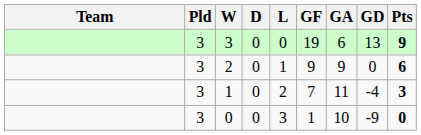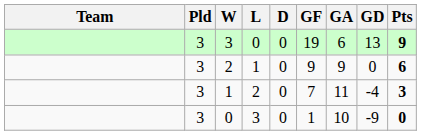 <table class="wikitable" style="text-align: center;">
 <tr>
 <th width="175">Team</th>
 <th width="20">Pld</th>
 <th width="20">W</th>
+<th width="20">L</th>
 <th width="20">D</th>
-<th width="20">L</th>
 <th width="20">GF</th>
 <th width="20">GA</th>
 <th width="20">GD</th>
 <th width="20">Pts</th>
 </tr>
 <tr bgcolor="#ccffcc">
 <td style="text-align:left;"></td>
 <td>3</td>
 <td>3</td>
 <td>0</td>
 <td>0</td>
 <td>19</td>
 <td>6</td>
 <td>13</td>
 <td><strong>9</strong></td>
 </tr>
 <tr align=center>
 <td style="text-align:left;"></td>
 <td>3</td>
 <td>2</td>
+<td>1</td>
 <td>0</td>
-<td>1</td>
 <td>9</td>
 <td>9</td>
 <td>0</td>
 <td><strong>6</strong></td>
 </tr>
 <tr align=center>
 <td style="text-align:left;"></td>
 <td>3</td>
 <td>1</td>
+<td>2</td>
 <td>0</td>
-<td>2</td>
 <td>7</td>
 <td>11</td>
 <td>-4</td>
 <td><strong>3</strong></td>
 </tr>
 <tr align=center>
 <td style="text-align:left;"></td>
 <td>3</td>
 <td>0</td>
+<td>3</td>
 <td>0</td>
-<td>3</td>
 <td>1</td>
 <td>10</td>
 <td>-9</td>
 <td><strong>0</strong></td>
 </tr>
 </table>
